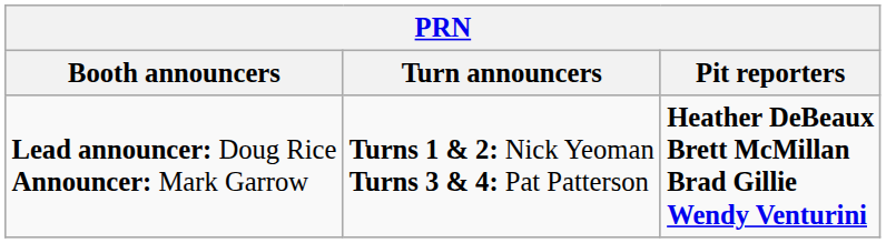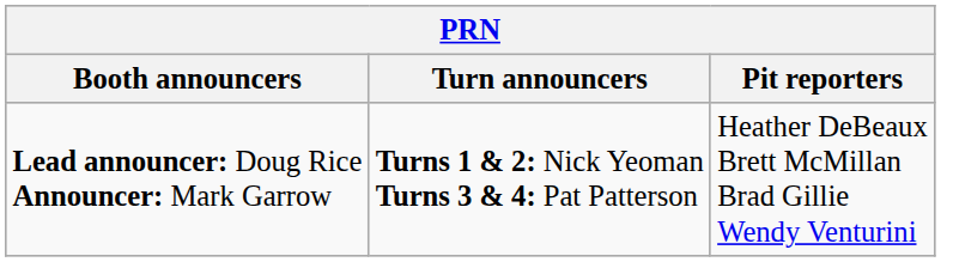 <table class="wikitable" style="font-size: 95%;">
 <tr>
 <th colspan="3"><a href='#'>PRN</a></th>
 </tr>
 <tr>
 <th>Booth announcers</th>
 <th>Turn announcers</th>
 <th>Pit reporters</th>
 </tr>
 <tr>
 <td><strong>Lead announcer:</strong> Doug Rice<br><strong>Announcer:</strong> Mark Garrow</td>
 <td><strong>Turns 1 & 2:</strong> Nick Yeoman <br><strong>Turns 3 & 4:</strong> Pat Patterson</td>
-<td><strong>Heather DeBeaux<br>Brett McMillan<br>Brad Gillie<br><a href='#'>Wendy Venturini</a></strong></td>
+<td>Heather DeBeaux<br>Brett McMillan<br>Brad Gillie<br><a href='#'>Wendy Venturini</a></td>
 </tr>
 </table>
